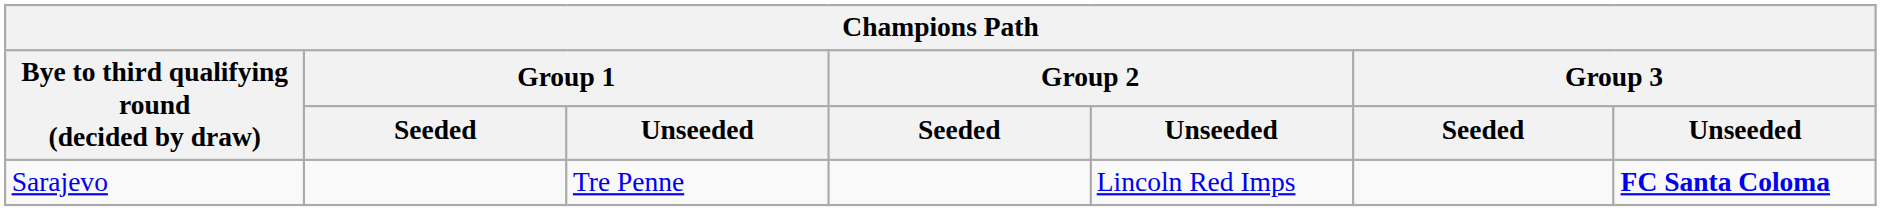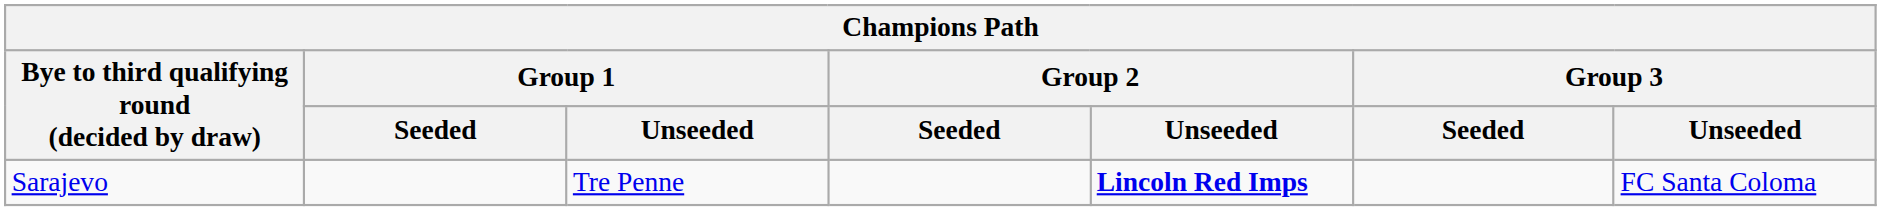 <table class="wikitable" style="font-size:80%">
 <tr>
 <th colspan=7>Champions Path</th>
 </tr>
 <tr>
 <th rowspan=2 width=16%>Bye to third qualifying round<br>(decided by draw)</th>
 <th colspan=2>Group 1</th>
 <th colspan=2>Group 2</th>
 <th colspan=2>Group 3</th>
 </tr>
 <tr>
 <th width=14%>Seeded</th>
 <th width=14%>Unseeded</th>
 <th width=14%>Seeded</th>
 <th width=14%>Unseeded</th>
 <th width=14%>Seeded</th>
 <th width=14%>Unseeded</th>
 </tr>
 <tr>
 <td valign=top> <a href='#'>Sarajevo</a></td>
 <td valign=top></td>
 <td valign=top> <a href='#'>Tre Penne</a></td>
 <td valign=top></td>
-<td valign=top> <a href='#'>Lincoln Red Imps</a></td>
+<td valign=top><strong> <a href='#'>Lincoln Red Imps</a></strong></td>
 <td valign=top></td>
-<td valign=top><strong> <a href='#'>FC Santa Coloma</a></strong></td>
+<td valign=top> <a href='#'>FC Santa Coloma</a></td>
 </tr>
 </table>
